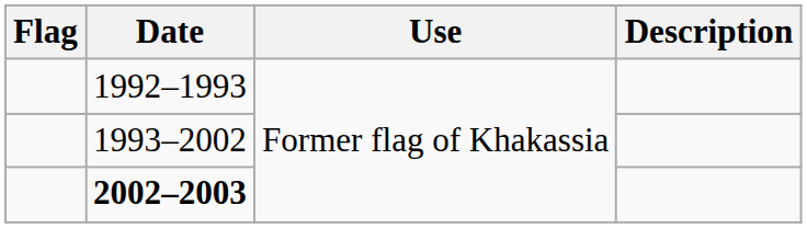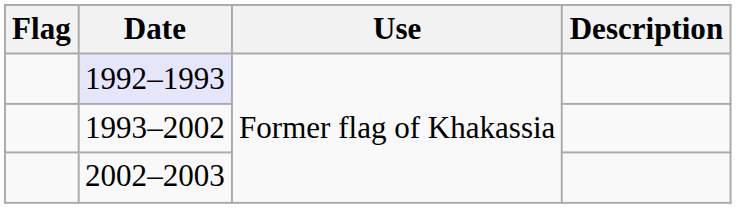 <table class="wikitable">
 <tr>
 <th>Flag</th>
 <th>Date</th>
 <th>Use</th>
 <th>Description</th>
 </tr>
 <tr>
 <td></td>
-<td>1992–1993</td>
+<td style="background: lavender;">1992–1993</td>
 <td rowspan="3">Former flag of Khakassia</td>
 <td></td>
 </tr>
 <tr>
 <td></td>
 <td>1993–2002</td>
 <td></td>
 </tr>
 <tr>
 <td></td>
-<td><strong>2002–2003</strong></td>
+<td>2002–2003</td>
 <td></td>
 </tr>
 </table>
